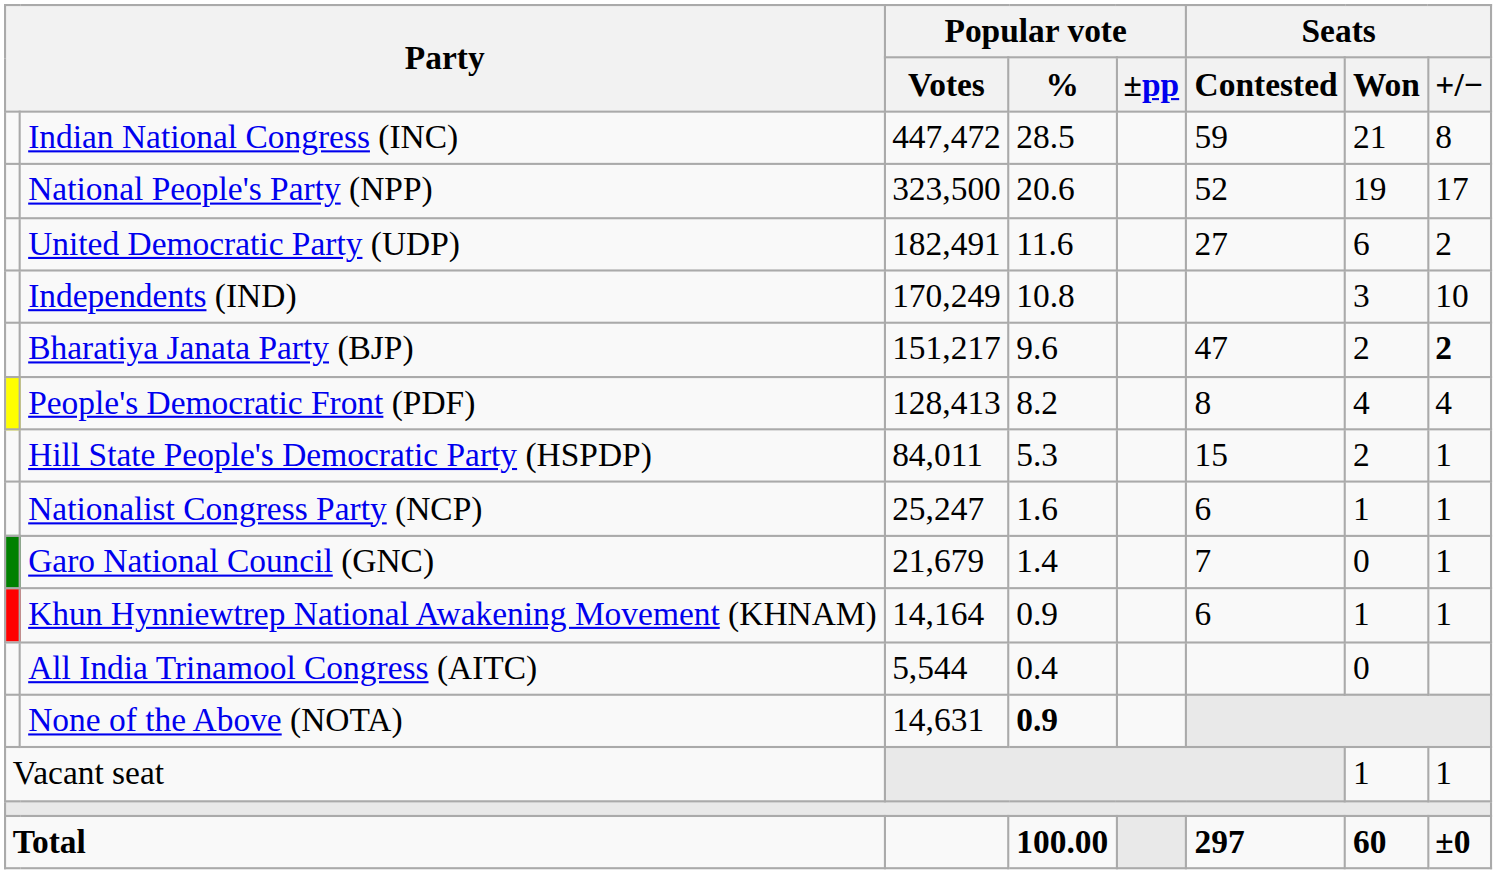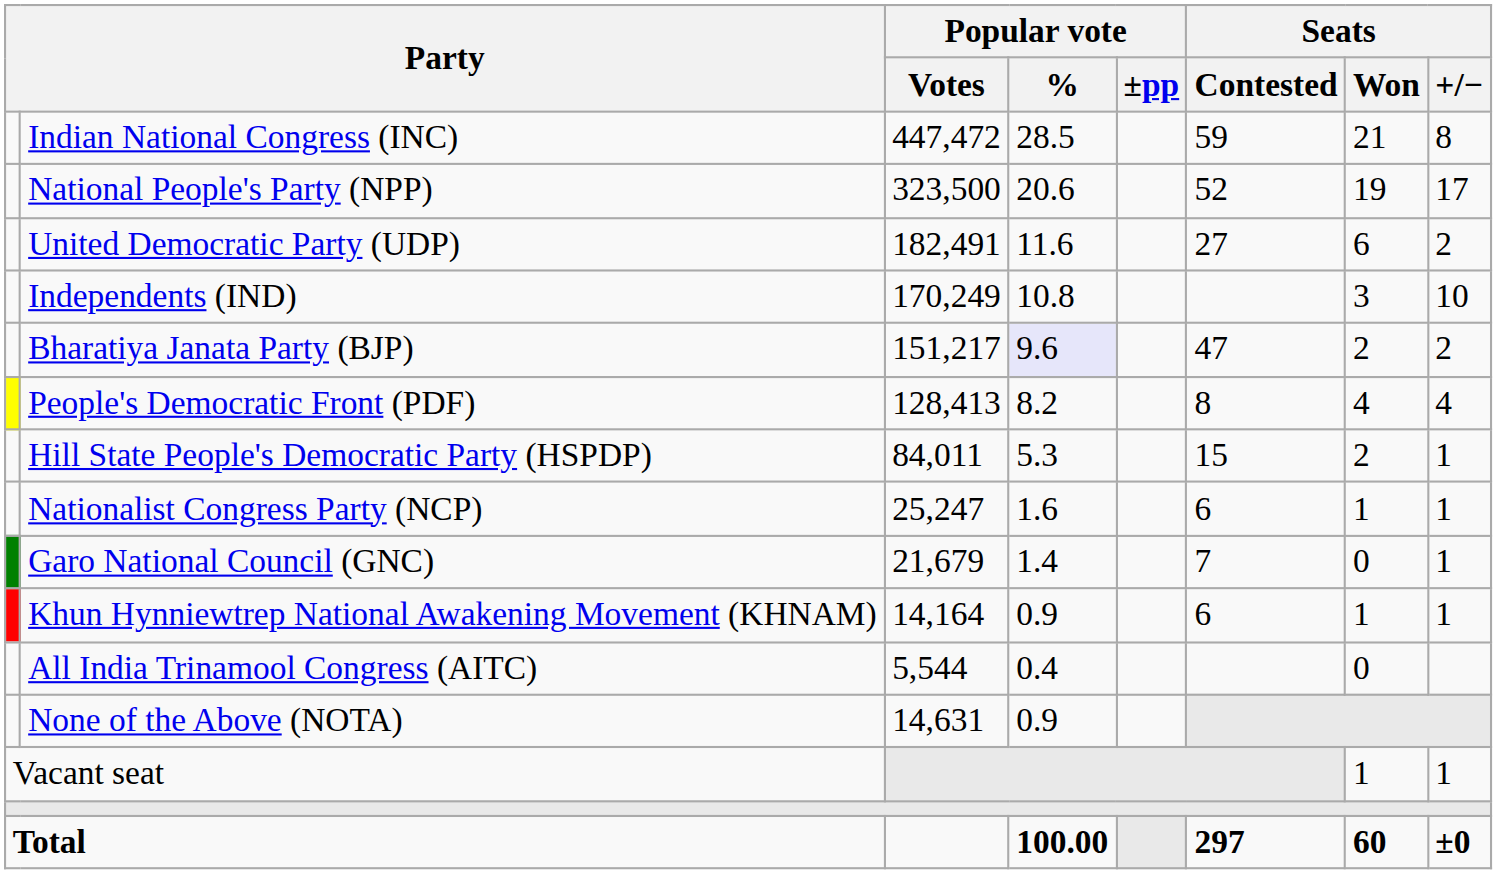 <table class="wikitable">
 <tr>
 <th colspan="2" rowspan="2">Party</th>
 <th colspan="3">Popular vote</th>
 <th colspan="3">Seats</th>
 </tr>
 <tr>
 <th>Votes</th>
 <th>%</th>
 <th>±<a href='#'>pp</a></th>
 <th>Contested</th>
 <th>Won</th>
 <th><strong>+/−</strong></th>
 </tr>
 <tr>
 <td></td>
 <td><a href='#'>Indian National Congress</a> (INC)</td>
 <td>447,472</td>
 <td>28.5</td>
 <td></td>
 <td>59</td>
 <td>21</td>
 <td>8</td>
 </tr>
 <tr>
 <td></td>
 <td><a href='#'>National People's Party</a> (NPP)</td>
 <td>323,500</td>
 <td>20.6</td>
 <td></td>
 <td>52</td>
 <td>19</td>
 <td>17</td>
 </tr>
 <tr>
 <td></td>
 <td><a href='#'>United Democratic Party</a> (UDP)</td>
 <td>182,491</td>
 <td>11.6</td>
 <td></td>
 <td>27</td>
 <td>6</td>
 <td>2</td>
 </tr>
 <tr>
 <td></td>
 <td><a href='#'>Independents</a> (IND)</td>
 <td>170,249</td>
 <td>10.8</td>
 <td></td>
 <td></td>
 <td>3</td>
 <td>10</td>
 </tr>
 <tr>
 <td></td>
 <td><a href='#'>Bharatiya Janata Party</a> (BJP)</td>
 <td>151,217</td>
-<td>9.6</td>
+<td style="background: lavender;">9.6</td>
 <td></td>
 <td>47</td>
 <td>2</td>
-<td><strong>2</strong></td>
+<td>2</td>
 </tr>
 <tr>
 <td style="background:yellow;"></td>
 <td><a href='#'>People's Democratic Front</a> (PDF)</td>
 <td>128,413</td>
 <td>8.2</td>
 <td></td>
 <td>8</td>
 <td>4</td>
 <td>4</td>
 </tr>
 <tr>
 <td></td>
 <td><a href='#'>Hill State People's Democratic Party</a> (HSPDP)</td>
 <td>84,011</td>
 <td>5.3</td>
 <td></td>
 <td>15</td>
 <td>2</td>
 <td>1</td>
 </tr>
 <tr>
 <td></td>
 <td><a href='#'>Nationalist Congress Party</a> (NCP)</td>
 <td>25,247</td>
 <td>1.6</td>
 <td></td>
 <td>6</td>
 <td>1</td>
 <td>1</td>
 </tr>
 <tr>
 <td style="background:green;"></td>
 <td><a href='#'>Garo National Council</a> (GNC)</td>
 <td>21,679</td>
 <td>1.4</td>
 <td></td>
 <td>7</td>
 <td>0</td>
 <td>1</td>
 </tr>
 <tr>
 <td style="background:red;"></td>
 <td><a href='#'>Khun Hynniewtrep National Awakening Movement</a> (KHNAM)</td>
 <td>14,164</td>
 <td>0.9</td>
 <td></td>
 <td>6</td>
 <td>1</td>
 <td>1</td>
 </tr>
 <tr>
 <td></td>
 <td><a href='#'>All India Trinamool Congress</a> (AITC)</td>
 <td>5,544</td>
 <td>0.4</td>
 <td></td>
 <td></td>
 <td>0</td>
 <td></td>
 </tr>
 <tr>
 <td></td>
 <td><a href='#'>None of the Above</a> (NOTA)</td>
 <td>14,631</td>
-<td><strong>0.9</strong></td>
+<td>0.9</td>
 <td></td>
 <td colspan="3" style="background:#e9e9e9;"></td>
 </tr>
 <tr>
 <td colspan="2">Vacant seat</td>
 <td colspan="4" style="background:#e9e9e9;"></td>
 <td>1</td>
 <td>1</td>
 </tr>
 <tr>
 <td colspan="8" style="background:#e9e9e9;"></td>
 </tr>
 <tr style="font-weight:bold;">
 <td colspan="2" style="text-align:left;">Total</td>
 <td></td>
 <td>100.00</td>
 <td style="background:#e9e9e9;"></td>
 <td>297</td>
 <td>60</td>
 <td>±0</td>
 </tr>
 </table>
